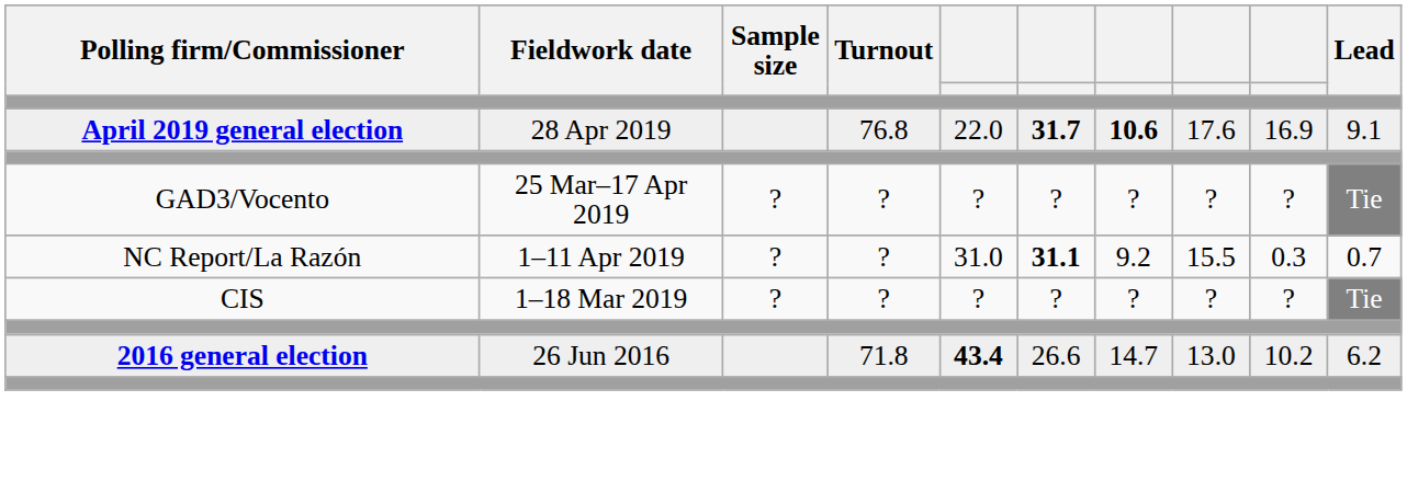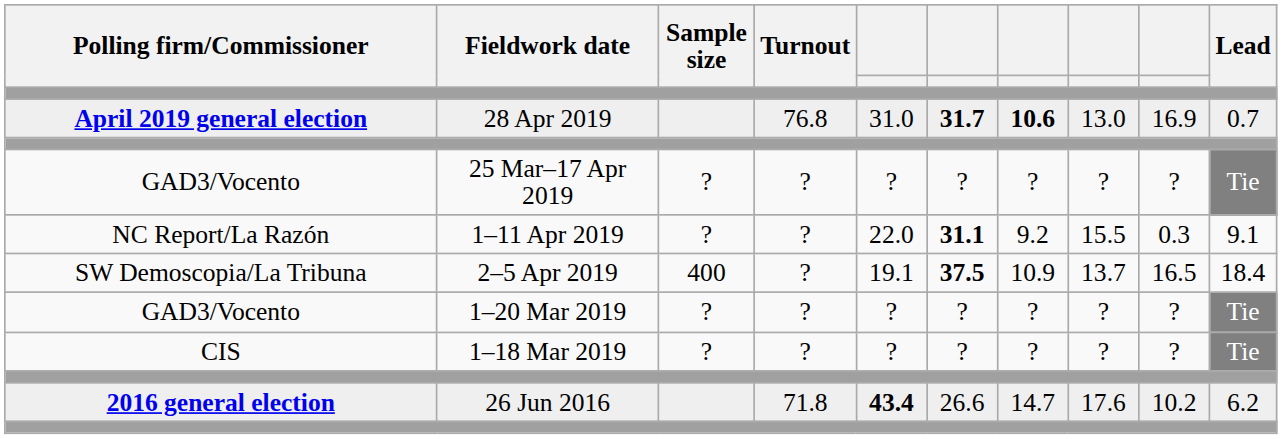 <table class="wikitable collapsible collapsed" style="text-align:center; font-size:95%; line-height:16px;">
 <tr style="height:42px;">
 <th style="width:250px;" rowspan="2">Polling firm/Commissioner</th>
 <th style="width:125px;" rowspan="2">Fieldwork date</th>
 <th style="width:50px;" rowspan="2">Sample size</th>
 <th style="width:45px;" rowspan="2">Turnout</th>
 <th style="width:35px;"></th>
 <th style="width:35px;"></th>
 <th style="width:35px;"></th>
 <th style="width:35px;"></th>
 <th style="width:35px;"></th>
 <th style="width:30px;" rowspan="2">Lead</th>
 </tr>
 <tr>
 <th style="color:inherit;background:"></th>
 <th style="color:inherit;background:"></th>
 <th style="color:inherit;background:"></th>
 <th style="color:inherit;background:"></th>
 <th style="color:inherit;background:"></th>
 </tr>
 <tr>
 <td colspan="10" style="background:#A0A0A0"></td>
 </tr>
 <tr style="background:#EFEFEF;">
 <td><strong><a href='#'>April 2019 general election</a></strong></td>
 <td>28 Apr 2019</td>
 <td></td>
 <td>76.8</td>
-<td>22.0<br></td>
+<td>31.0<br></td>
 <td><strong>31.7</strong><br></td>
 <td><strong>10.6<br></strong></td>
-<td>17.6<br></td>
+<td>13.0<br></td>
 <td>16.9<br></td>
-<td style="background:">9.1</td>
+<td style="background:">0.7</td>
 </tr>
 <tr>
 <td colspan="10" style="background:#A0A0A0"></td>
 </tr>
 <tr>
 <td>GAD3/Vocento</td>
 <td>25 Mar–17 Apr 2019</td>
 <td>?</td>
 <td>?</td>
 <td>?<br></td>
 <td>?<br></td>
 <td>?<br></td>
 <td>?<br></td>
 <td>?<br></td>
 <td style="background:gray;color:white;">Tie</td>
 </tr>
 <tr>
 <td>NC Report/La Razón</td>
 <td>1–11 Apr 2019</td>
 <td>?</td>
 <td>?</td>
-<td>31.0<br></td>
+<td>22.0<br></td>
 <td><strong>31.1</strong><br></td>
 <td>9.2<br></td>
 <td>15.5<br></td>
 <td>0.3<br></td>
-<td style="background:">0.7</td>
+<td style="background:">9.1</td>
+</tr>
+<tr>
+<td>SW Demoscopia/La Tribuna</td>
+<td>2–5 Apr 2019</td>
+<td>400</td>
+<td>?</td>
+<td>19.1<br></td>
+<td><strong>37.5</strong><br></td>
+<td>10.9<br></td>
+<td>13.7<br></td>
+<td>16.5<br></td>
+<td style="background:">18.4</td>
+</tr>
+<tr>
+<td>GAD3/Vocento</td>
+<td>1–20 Mar 2019</td>
+<td>?</td>
+<td>?</td>
+<td>?<br></td>
+<td>?<br></td>
+<td>?<br></td>
+<td>?<br></td>
+<td>?<br></td>
+<td style="background:gray;color:white;">Tie</td>
 </tr>
 <tr>
 <td>CIS</td>
 <td>1–18 Mar 2019</td>
 <td>?</td>
 <td>?</td>
 <td>?<br></td>
 <td>?<br></td>
 <td>?<br></td>
 <td>?<br></td>
 <td>?<br></td>
 <td style="background:gray;color:white;">Tie</td>
 </tr>
 <tr>
 <td colspan="10" style="background:#A0A0A0"></td>
 </tr>
 <tr style="background:#EFEFEF;">
 <td><strong><a href='#'>2016 general election</a></strong></td>
 <td>26 Jun 2016</td>
 <td></td>
 <td>71.8</td>
 <td><strong>43.4</strong><br></td>
 <td>26.6<br></td>
 <td>14.7<br></td>
-<td>13.0<br></td>
+<td>17.6<br></td>
 <td>10.2<br></td>
 <td style="background:">6.2</td>
 </tr>
 <tr>
 <td colspan="10" style="background:#A0A0A0"></td>
 </tr>
 </table>
